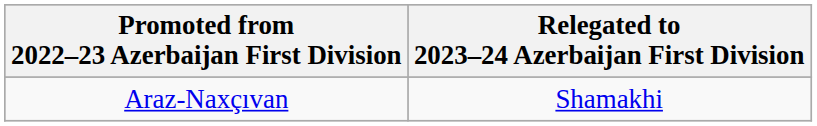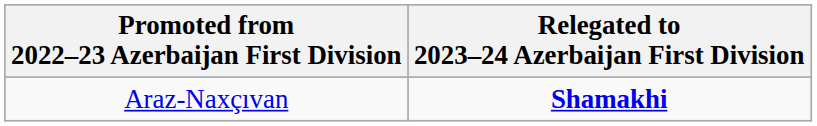 <table class="wikitable">
 <tr>
 <th>Promoted from<br>2022–23 Azerbaijan First Division</th>
 <th>Relegated to<br>2023–24 Azerbaijan First Division</th>
 </tr>
 <tr>
 <td align=center><a href='#'>Araz-Naxçıvan</a></td>
-<td align=center><a href='#'>Shamakhi</a></td>
+<td align=center><strong><a href='#'>Shamakhi</a></strong></td>
 </tr>
 </table>
